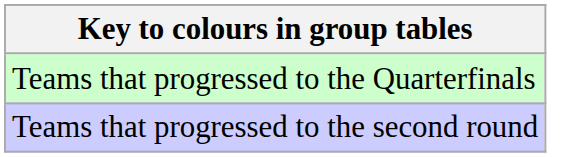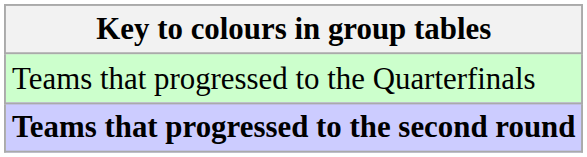 <table class="wikitable">
 <tr>
 <th>Key to colours in group tables</th>
 </tr>
 <tr bgcolor=#ccffcc>
 <td>Teams that progressed to the Quarterfinals</td>
 </tr>
 <tr bgcolor=#ccccff>
-<td>Teams that progressed to the second round</td>
+<td><strong>Teams that progressed to the second round</strong></td>
 </tr>
 </table>
